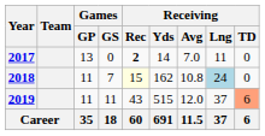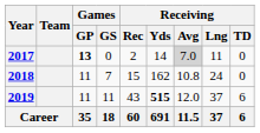 <table class="wikitable" style="text-align:center;">
 <tr>
 <th rowspan="2">Year</th>
 <th rowspan="2">Team</th>
 <th colspan="2">Games</th>
 <th colspan="5">Receiving</th>
 </tr>
 <tr>
 <th>GP</th>
 <th>GS</th>
 <th>Rec</th>
 <th>Yds</th>
 <th>Avg</th>
 <th>Lng</th>
 <th>TD</th>
 </tr>
 <tr>
 <th><a href='#'>2017</a></th>
 <th><a href='#'></a></th>
-<td>13</td>
+<td><strong>13</strong></td>
 <td>0</td>
-<td><strong>2</strong></td>
+<td>2</td>
 <td>14</td>
-<td>7.0</td>
+<td style="background: lightgrey;">7.0</td>
 <td>11</td>
 <td>0</td>
 </tr>
 <tr>
 <th><a href='#'>2018</a></th>
 <th><a href='#'></a></th>
 <td>11</td>
 <td>7</td>
-<td style="background: lightyellow;">15</td>
+<td>15</td>
 <td>162</td>
 <td>10.8</td>
-<td style="background: lightblue;">24</td>
+<td>24</td>
 <td>0</td>
 </tr>
 <tr>
 <th><a href='#'>2019</a></th>
 <th><a href='#'></a></th>
 <td>11</td>
 <td>11</td>
 <td>43</td>
-<td>515</td>
+<td><strong>515</strong></td>
 <td>12.0</td>
 <td>37</td>
-<td style="background: lightsalmon;">6</td>
+<td>6</td>
 </tr>
 <tr>
 <th align=center colspan="2">Career</th>
 <th>35</th>
 <th>18</th>
 <th>60</th>
 <th>691</th>
 <th>11.5</th>
 <th>37</th>
 <th>6</th>
 </tr>
 </table>
